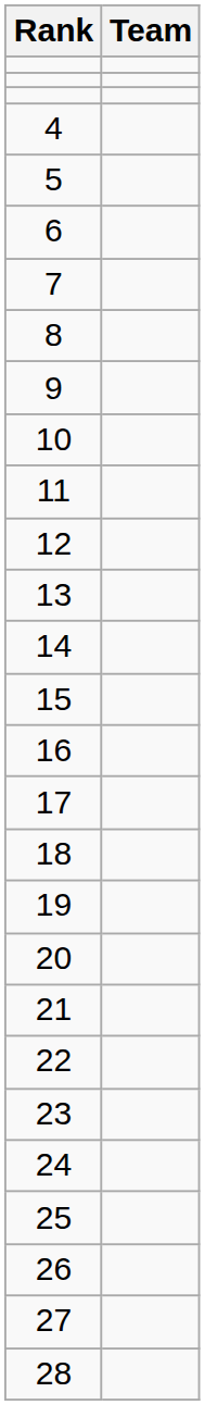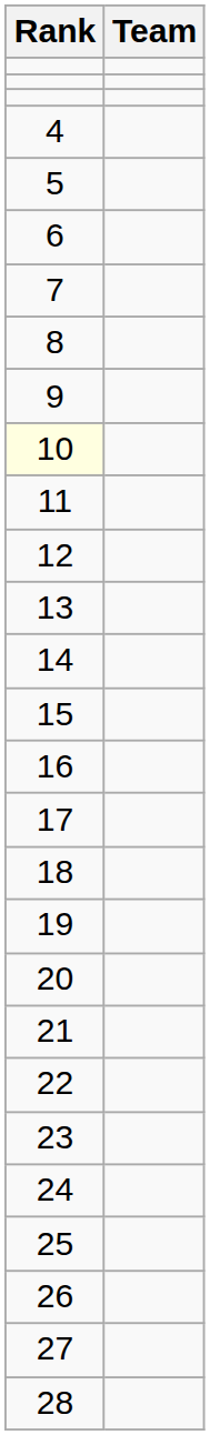 <table class="wikitable" style="text-align: center;">
 <tr>
 <th width=40>Rank</th>
 <th>Team</th>
 </tr>
 <tr>
 <td></td>
 <td align=left></td>
 </tr>
 <tr>
 <td></td>
 <td align=left></td>
 </tr>
 <tr>
 <td></td>
 <td align=left></td>
 </tr>
 <tr>
 <td>4</td>
 <td align=left></td>
 </tr>
 <tr>
 <td>5</td>
 <td align=left></td>
 </tr>
 <tr>
 <td>6</td>
 <td align=left></td>
 </tr>
 <tr>
 <td>7</td>
 <td align=left></td>
 </tr>
 <tr>
 <td>8</td>
 <td align=left></td>
 </tr>
 <tr>
 <td>9</td>
 <td align=left></td>
 </tr>
 <tr>
-<td>10</td>
+<td style="background: lightyellow;">10</td>
 <td align=left></td>
 </tr>
 <tr>
 <td>11</td>
 <td align=left></td>
 </tr>
 <tr>
 <td>12</td>
 <td align=left></td>
 </tr>
 <tr>
 <td>13</td>
 <td align=left></td>
 </tr>
 <tr>
 <td>14</td>
 <td align=left></td>
 </tr>
 <tr>
 <td>15</td>
 <td align=left></td>
 </tr>
 <tr>
 <td>16</td>
 <td align=left></td>
 </tr>
 <tr>
 <td>17</td>
 <td align=left></td>
 </tr>
 <tr>
 <td>18</td>
 <td align=left></td>
 </tr>
 <tr>
 <td>19</td>
 <td align=left></td>
 </tr>
 <tr>
 <td>20</td>
 <td align=left></td>
 </tr>
 <tr>
 <td>21</td>
 <td align=left></td>
 </tr>
 <tr>
 <td>22</td>
 <td align=left></td>
 </tr>
 <tr>
 <td>23</td>
 <td align=left></td>
 </tr>
 <tr>
 <td>24</td>
 <td align=left></td>
 </tr>
 <tr>
 <td>25</td>
 <td align=left></td>
 </tr>
 <tr>
 <td>26</td>
 <td align=left></td>
 </tr>
 <tr>
 <td>27</td>
 <td align=left></td>
 </tr>
 <tr>
 <td>28</td>
 <td align=left></td>
 </tr>
 </table>
